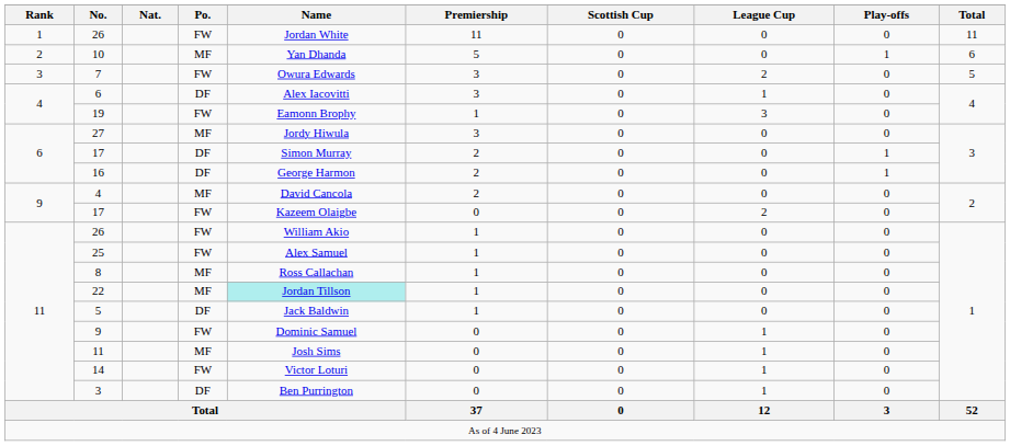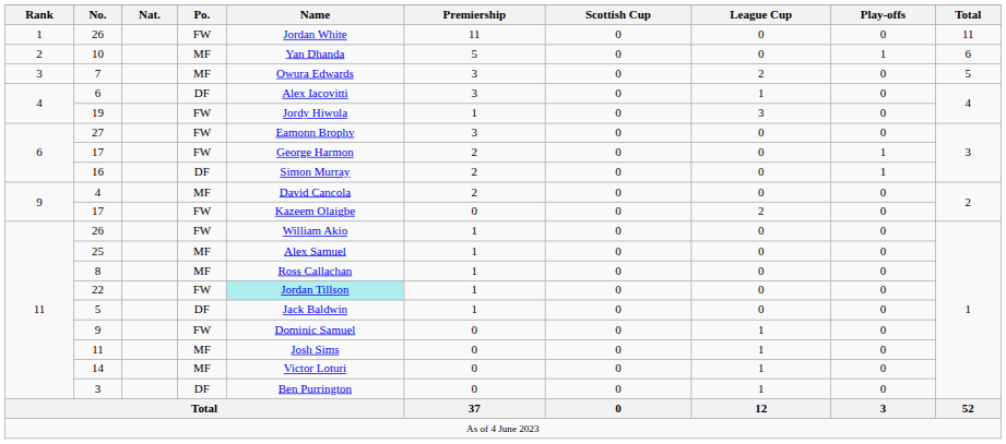 <table class="wikitable"  style="text-align:center; font-size:90%; width:95%;">
 <tr>
 </tr>
 <tr>
 <th>Rank</th>
 <th>No.</th>
 <th>Nat.</th>
 <th>Po.</th>
 <th>Name</th>
 <th>Premiership</th>
 <th>Scottish Cup</th>
 <th>League Cup</th>
 <th>Play-offs</th>
 <th>Total</th>
 </tr>
 <tr>
 <td>1</td>
 <td>26</td>
 <td></td>
 <td>FW</td>
 <td><a href='#'>Jordan White</a></td>
 <td>11</td>
 <td>0</td>
 <td>0</td>
 <td>0</td>
 <td>11</td>
 </tr>
 <tr>
 <td>2</td>
 <td>10</td>
 <td></td>
 <td>MF</td>
 <td><a href='#'>Yan Dhanda</a></td>
 <td>5</td>
 <td>0</td>
 <td>0</td>
 <td>1</td>
 <td>6</td>
 </tr>
 <tr>
 <td>3</td>
 <td>7</td>
 <td></td>
-<td>FW</td>
+<td>MF</td>
 <td><a href='#'>Owura Edwards</a></td>
 <td>3</td>
 <td>0</td>
 <td>2</td>
 <td>0</td>
 <td>5</td>
 </tr>
 <tr>
 <td rowspan=2>4</td>
 <td>6</td>
 <td></td>
 <td>DF</td>
 <td><a href='#'>Alex Iacovitti</a></td>
 <td>3</td>
 <td>0</td>
 <td>1</td>
 <td>0</td>
 <td rowspan=2>4</td>
 </tr>
 <tr>
 <td>19</td>
 <td></td>
 <td>FW</td>
-<td><a href='#'>Eamonn Brophy</a></td>
+<td><a href='#'>Jordy Hiwula</a></td>
 <td>1</td>
 <td>0</td>
 <td>3</td>
 <td>0</td>
 </tr>
 <tr>
 <td rowspan=3>6</td>
 <td>27</td>
 <td></td>
-<td>MF</td>
-<td><a href='#'>Jordy Hiwula</a></td>
+<td>FW</td>
+<td><a href='#'>Eamonn Brophy</a></td>
 <td>3</td>
 <td>0</td>
 <td>0</td>
 <td>0</td>
 <td rowspan=3>3</td>
 </tr>
 <tr>
 <td>17</td>
 <td></td>
-<td>DF</td>
-<td><a href='#'>Simon Murray</a></td>
+<td>FW</td>
+<td><a href='#'>George Harmon</a></td>
 <td>2</td>
 <td>0</td>
 <td>0</td>
 <td>1</td>
 </tr>
 <tr>
 <td>16</td>
 <td></td>
 <td>DF</td>
-<td><a href='#'>George Harmon</a></td>
+<td><a href='#'>Simon Murray</a></td>
 <td>2</td>
 <td>0</td>
 <td>0</td>
 <td>1</td>
 </tr>
 <tr>
 <td rowspan=2>9</td>
 <td>4</td>
 <td></td>
 <td>MF</td>
 <td><a href='#'>David Cancola</a></td>
 <td>2</td>
 <td>0</td>
 <td>0</td>
 <td>0</td>
 <td rowspan=2>2</td>
 </tr>
 <tr>
 <td>17</td>
 <td></td>
 <td>FW</td>
 <td><a href='#'>Kazeem Olaigbe</a></td>
 <td>0</td>
 <td>0</td>
 <td>2</td>
 <td>0</td>
 </tr>
 <tr>
 <td rowspan=9>11</td>
 <td>26</td>
 <td></td>
 <td>FW</td>
 <td><a href='#'>William Akio</a></td>
 <td>1</td>
 <td>0</td>
 <td>0</td>
 <td>0</td>
 <td rowspan=9>1</td>
 </tr>
 <tr>
 <td>25</td>
 <td></td>
-<td>FW</td>
+<td>MF</td>
 <td><a href='#'>Alex Samuel</a></td>
 <td>1</td>
 <td>0</td>
 <td>0</td>
 <td>0</td>
 </tr>
 <tr>
 <td>8</td>
 <td></td>
 <td>MF</td>
 <td><a href='#'>Ross Callachan</a></td>
 <td>1</td>
 <td>0</td>
 <td>0</td>
 <td>0</td>
 </tr>
 <tr>
 <td>22</td>
 <td></td>
-<td>MF</td>
+<td>FW</td>
 <td style="background: paleturquoise;"><a href='#'>Jordan Tillson</a></td>
 <td>1</td>
 <td>0</td>
 <td>0</td>
 <td>0</td>
 </tr>
 <tr>
 <td>5</td>
 <td></td>
 <td>DF</td>
 <td><a href='#'> Jack Baldwin</a></td>
 <td>1</td>
 <td>0</td>
 <td>0</td>
 <td>0</td>
 </tr>
 <tr>
 <td>9</td>
 <td></td>
 <td>FW</td>
 <td><a href='#'>Dominic Samuel</a></td>
 <td>0</td>
 <td>0</td>
 <td>1</td>
 <td>0</td>
 </tr>
 <tr>
 <td>11</td>
 <td></td>
 <td>MF</td>
 <td><a href='#'>Josh Sims</a></td>
 <td>0</td>
 <td>0</td>
 <td>1</td>
 <td>0</td>
 </tr>
 <tr>
 <td>14</td>
 <td></td>
-<td>FW</td>
+<td>MF</td>
 <td><a href='#'>Victor Loturi</a></td>
 <td>0</td>
 <td>0</td>
 <td>1</td>
 <td>0</td>
 </tr>
 <tr>
 <td>3</td>
 <td></td>
 <td>DF</td>
 <td><a href='#'>Ben Purrington</a></td>
 <td>0</td>
 <td>0</td>
 <td>1</td>
 <td>0</td>
 </tr>
 <tr>
 <th colspan="5" style="text-align:center;"><strong>Total</strong></th>
 <th><strong>37</strong></th>
 <th><strong>0</strong></th>
 <th><strong>12</strong></th>
 <th><strong>3</strong></th>
 <th><strong>52</strong></th>
 </tr>
 <tr>
 <td colspan="10"><small>As of 4 June 2023</small></td>
 </tr>
 </table>
